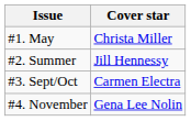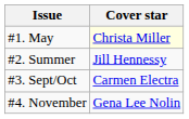 <table class="sortable wikitable">
 <tr>
 <th>Issue</th>
 <th>Cover star</th>
 </tr>
 <tr>
 <td>#1. May</td>
-<td><a href='#'>Christa Miller</a></td>
+<td style="background: lightyellow;"><a href='#'>Christa Miller</a></td>
 </tr>
 <tr>
 <td>#2. Summer</td>
 <td><a href='#'>Jill Hennessy</a></td>
 </tr>
 <tr>
 <td>#3. Sept/Oct</td>
 <td><a href='#'>Carmen Electra</a></td>
 </tr>
 <tr>
 <td>#4. November</td>
 <td><a href='#'>Gena Lee Nolin</a></td>
 </tr>
 </table>
